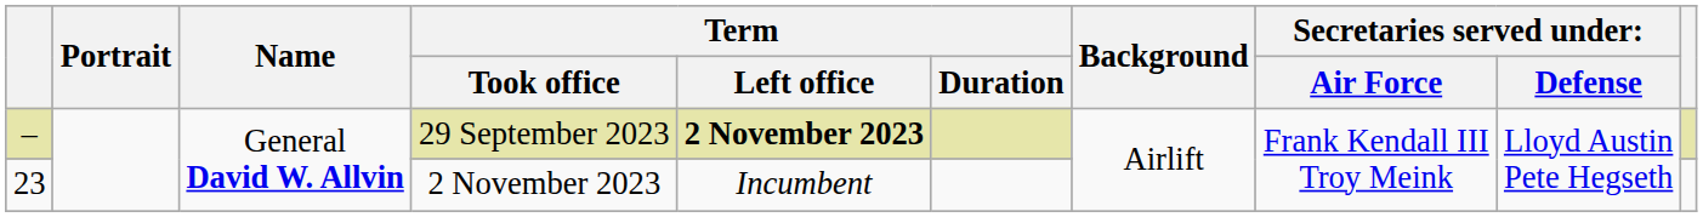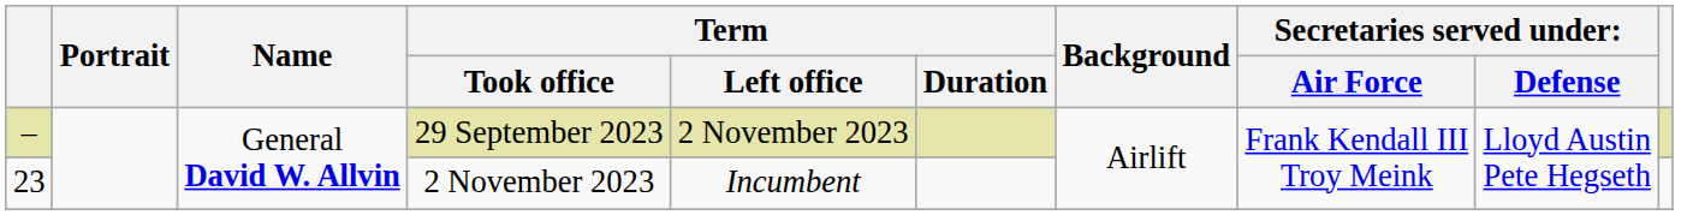 <table class="wikitable sortable" style="text-align:center;">
 <tr>
 <th scope="col" rowspan=2></th>
 <th scope="col" rowspan=2 class="unsortable">Portrait</th>
 <th scope="col" rowspan=2>Name</th>
 <th scope="col" colspan=3>Term</th>
 <th scope="col" rowspan=2>Background</th>
 <th scope="col" colspan=2>Secretaries served under:</th>
 <th scope="col" rowspan=2 class="unsortable"></th>
 </tr>
 <tr>
 <th scope="col">Took office</th>
 <th scope="col">Left office</th>
 <th scope="col">Duration</th>
 <th scope="col"><a href='#'>Air Force</a></th>
 <th scope="col"><a href='#'>Defense</a><br>                        </th>
 </tr>
 <tr>
 <td style=background:#e6e6aa;>–</td>
 <td rowspan="2"></td>
 <td data-sort-value="Allvin, David" rowspan="2">General<br><strong><a href='#'>David W. Allvin</a> </strong><br></td>
 <td style=background:#e6e6aa;>29 September 2023</td>
-<td style=background:#e6e6aa;><strong>2 November 2023</strong></td>
+<td style=background:#e6e6aa;>2 November 2023</td>
 <td style=background:#e6e6aa;></td>
 <td rowspan="2">Airlift</td>
 <td rowspan="2"><a href='#'>Frank Kendall III</a><br><a href='#'>Troy Meink</a></td>
 <td rowspan="2"><a href='#'>Lloyd Austin</a><br><a href='#'>Pete Hegseth</a></td>
 <td style=background:#e6e6aa;></td>
 </tr>
 <tr>
 <td>23</td>
 <td>2 November 2023</td>
 <td><em>Incumbent</em></td>
 <td></td>
 <td></td>
 </tr>
 </table>
